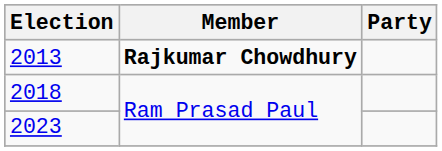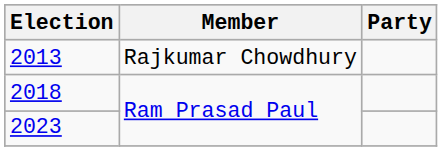 <table class="wikitable sortable">
 <tr>
 <th>Election</th>
 <th>Member</th>
 <th colspan=2>Party</th>
 </tr>
 <tr>
 <td><a href='#'>2013</a></td>
-<td><strong>Rajkumar Chowdhury</strong></td>
+<td>Rajkumar Chowdhury</td>
 <td></td>
 </tr>
 <tr>
 <td><a href='#'>2018</a></td>
 <td rowspan=2><a href='#'>Ram Prasad Paul</a></td>
 <td></td>
 </tr>
 <tr>
 <td><a href='#'>2023</a></td>
 </tr>
 </table>
